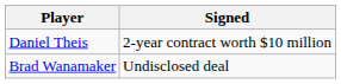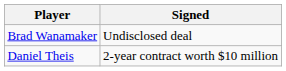 <table class="wikitable">
 <tr>
 <th>Player</th>
 <th>Signed</th>
 </tr>
 <tr>
+<td><a href='#'>Brad Wanamaker</a></td>
+<td>Undisclosed deal</td>
+</tr>
+<tr>
 <td><a href='#'>Daniel Theis</a></td>
 <td>2-year contract worth $10 million</td>
 </tr>
-<tr>
-<td><a href='#'>Brad Wanamaker</a></td>
-<td>Undisclosed deal</td>
-</tr>
 </table>
